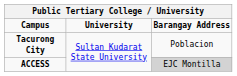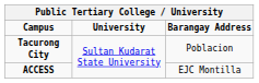 <table class="wikitable" style="text-align:center; line-height:17px; width:60%">
 <tr>
 <th colspan="3">Public Tertiary College / University</th>
 </tr>
 <tr>
 <td style="width:10%"><strong>Campus</strong></td>
 <td style="width:17%"><strong>University</strong></td>
 <td style="width:17%"><strong>Barangay Address</strong></td>
 </tr>
 <tr>
 <td><strong>Tacurong City</strong></td>
 <td rowspan="2"><a href='#'>Sultan Kudarat State University</a></td>
 <td>Poblacion</td>
 </tr>
 <tr>
 <td><strong>ACCESS</strong></td>
-<td style="background: lightgrey;">EJC Montilla</td>
+<td>EJC Montilla</td>
 </tr>
 </table>
